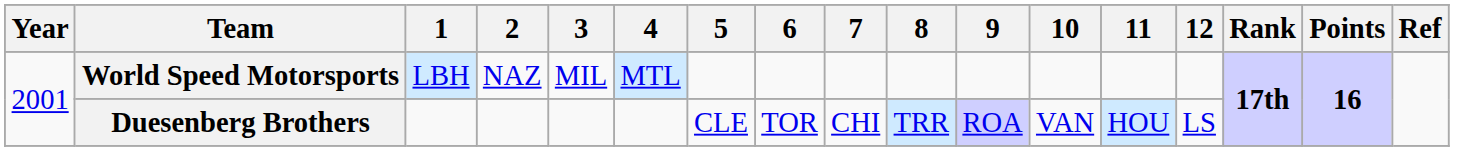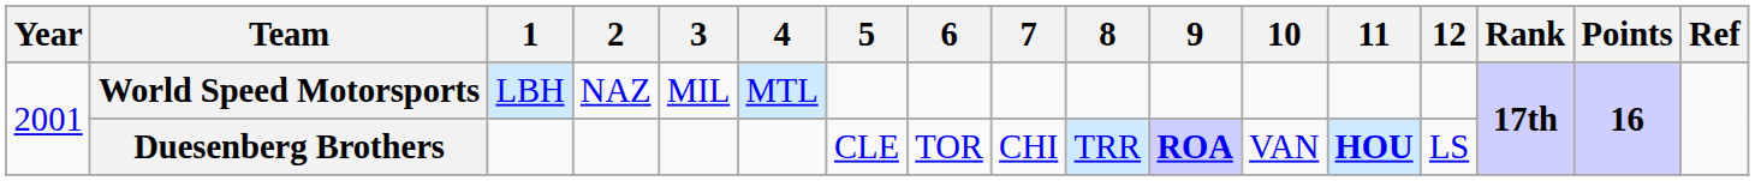 <table class="wikitable" style="text-align:center; font-size:95%">
 <tr>
 <th>Year</th>
 <th>Team</th>
 <th>1</th>
 <th>2</th>
 <th>3</th>
 <th>4</th>
 <th>5</th>
 <th>6</th>
 <th>7</th>
 <th>8</th>
 <th>9</th>
 <th>10</th>
 <th>11</th>
 <th>12</th>
 <th>Rank</th>
 <th>Points</th>
 <th>Ref</th>
 </tr>
 <tr>
 <td rowspan=2><a href='#'>2001</a></td>
 <th>World Speed Motorsports</th>
 <td style="background:#CFEAFF;"><a href='#'>LBH</a><br></td>
 <td><a href='#'>NAZ</a></td>
 <td><a href='#'>MIL</a></td>
 <td style="background:#CFEAFF;"><a href='#'>MTL</a><br></td>
 <td></td>
 <td></td>
 <td></td>
 <td></td>
 <td></td>
 <td></td>
 <td></td>
 <td></td>
 <td rowspan=2 style="background:#CFCFFF;"><strong>17th</strong></td>
 <td rowspan=2 style="background:#CFCFFF;"><strong>16</strong></td>
 <td rowspan="2"></td>
 </tr>
 <tr>
 <th>Duesenberg Brothers</th>
 <td></td>
 <td></td>
 <td></td>
 <td></td>
 <td><a href='#'>CLE</a></td>
 <td><a href='#'>TOR</a></td>
 <td><a href='#'>CHI</a></td>
 <td style="background:#CFEAFF;"><a href='#'>TRR</a><br></td>
-<td style="background:#CFCFFF;"><a href='#'>ROA</a><br></td>
+<td style="background:#CFCFFF;"><strong><a href='#'>ROA</a><br></strong></td>
 <td><a href='#'>VAN</a></td>
-<td style="background:#CFEAFF;"><a href='#'>HOU</a><br></td>
+<td style="background:#CFEAFF;"><strong><a href='#'>HOU</a><br></strong></td>
 <td><a href='#'>LS</a></td>
 </tr>
 </table>
